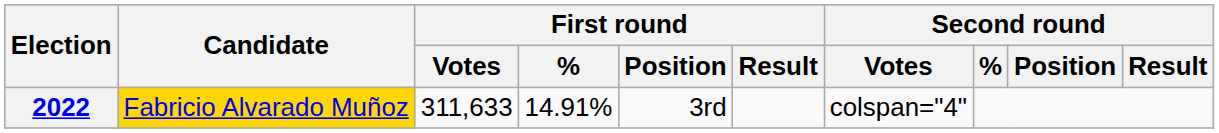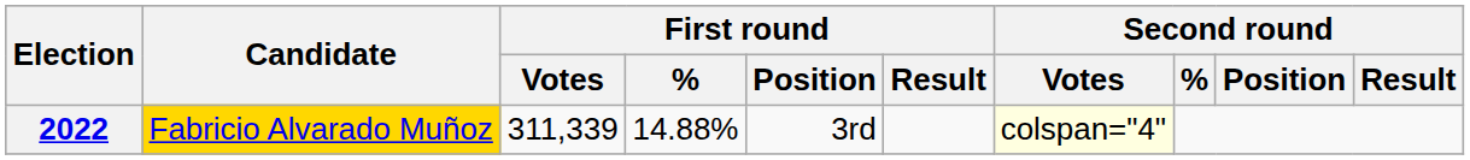 <table class=wikitable style="text-align: right;">
 <tr>
 <th rowspan=2>Election</th>
 <th rowspan=2>Candidate</th>
 <th colspan=4>First round</th>
 <th colspan=4>Second round</th>
 </tr>
 <tr>
 <th>Votes</th>
 <th>%</th>
 <th>Position</th>
 <th>Result</th>
 <th>Votes</th>
 <th>%</th>
 <th>Position</th>
 <th>Result</th>
 </tr>
 <tr>
 <th><a href='#'>2022</a></th>
 <td style="background: gold;"><a href='#'>Fabricio Alvarado Muñoz</a></td>
-<td>311,633</td>
-<td>14.91%</td>
+<td>311,339</td>
+<td>14.88%</td>
 <td>3rd</td>
 <td></td>
-<td>colspan="4" </td>
+<td style="background: lightyellow;">colspan="4" </td>
 </tr>
 </table>
